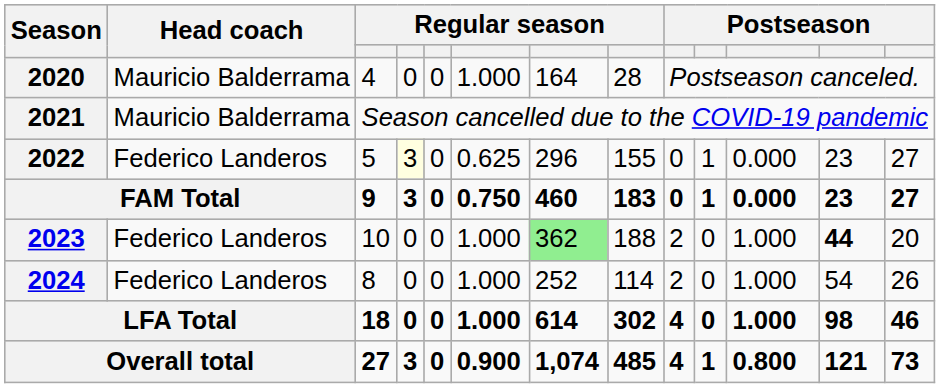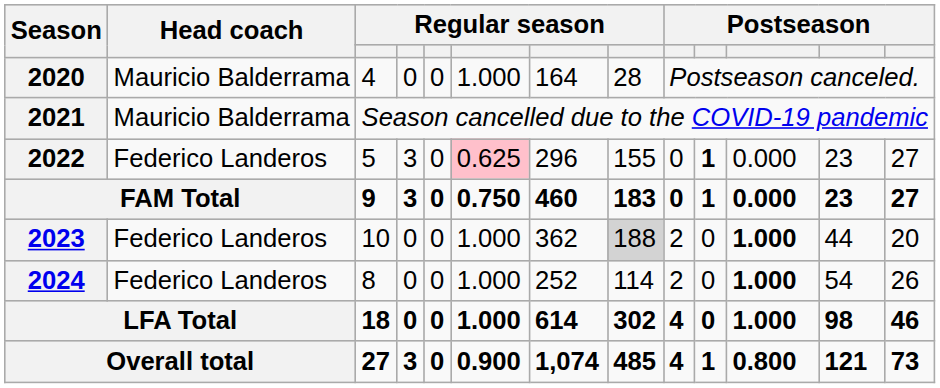 <table class="wikitable" text-align:"center">
 <tr>
 <th rowspan="2">Season</th>
 <th rowspan="2">Head coach</th>
 <th colspan="6">Regular season</th>
 <th colspan="6">Postseason</th>
 </tr>
 <tr>
 <th></th>
 <th></th>
 <th></th>
 <th></th>
 <th></th>
 <th></th>
 <th></th>
 <th></th>
 <th></th>
 <th></th>
 <th></th>
 </tr>
 <tr>
 <th>2020</th>
 <td>Mauricio Balderrama</td>
 <td>4</td>
 <td>0</td>
 <td>0</td>
 <td>1.000</td>
 <td>164</td>
 <td>28</td>
 <td colspan="5"><em>Postseason canceled.</em></td>
 </tr>
 <tr>
 <th>2021</th>
 <td>Mauricio Balderrama</td>
 <td colspan=11><em>Season cancelled due to the <a href='#'>COVID-19 pandemic</a></em></td>
 </tr>
 <tr>
 <th>2022</th>
 <td>Federico Landeros</td>
 <td>5</td>
-<td style="background: lightyellow;">3</td>
+<td>3</td>
 <td>0</td>
-<td>0.625</td>
+<td style="background: pink;">0.625</td>
 <td>296</td>
 <td>155</td>
 <td>0</td>
-<td>1</td>
+<td><strong>1</strong></td>
 <td>0.000</td>
 <td>23</td>
 <td>27</td>
 </tr>
 <tr>
 <th colspan="2">FAM Total</th>
 <td><strong>9</strong></td>
 <td><strong>3</strong></td>
 <td><strong>0</strong></td>
 <td><strong>0.750</strong></td>
 <td><strong>460</strong></td>
 <td><strong>183</strong></td>
 <td><strong>0</strong></td>
 <td><strong>1</strong></td>
 <td><strong>0.000</strong></td>
 <td><strong>23</strong></td>
 <td><strong>27</strong></td>
 </tr>
 <tr>
 <th><a href='#'>2023</a></th>
 <td>Federico Landeros</td>
 <td>10</td>
 <td>0</td>
 <td>0</td>
 <td>1.000</td>
-<td style="background: lightgreen;">362</td>
-<td>188</td>
+<td>362</td>
+<td style="background: lightgrey;">188</td>
 <td>2</td>
 <td>0</td>
-<td>1.000</td>
-<td><strong>44</strong></td>
+<td><strong>1.000</strong></td>
+<td>44</td>
 <td>20</td>
 </tr>
 <tr>
 <th><a href='#'>2024</a></th>
 <td>Federico Landeros</td>
 <td>8</td>
 <td>0</td>
 <td>0</td>
 <td>1.000</td>
 <td>252</td>
 <td>114</td>
 <td>2</td>
 <td>0</td>
-<td>1.000</td>
+<td><strong>1.000</strong></td>
 <td>54</td>
 <td>26</td>
 </tr>
 <tr>
 <th colspan="2">LFA Total</th>
 <td><strong>18</strong></td>
 <td><strong>0</strong></td>
 <td><strong>0</strong></td>
 <td><strong>1.000</strong></td>
 <td><strong>614</strong></td>
 <td><strong>302</strong></td>
 <td><strong>4</strong></td>
 <td><strong>0</strong></td>
 <td><strong>1.000</strong></td>
 <td><strong>98</strong></td>
 <td><strong>46</strong></td>
 </tr>
 <tr>
 <th colspan="2">Overall total</th>
 <td><strong>27</strong></td>
 <td><strong>3</strong></td>
 <td><strong>0</strong></td>
 <td><strong>0.900</strong></td>
 <td><strong>1,074</strong></td>
 <td><strong>485</strong></td>
 <td><strong>4</strong></td>
 <td><strong>1</strong></td>
 <td><strong>0.800</strong></td>
 <td><strong>121</strong></td>
 <td><strong>73</strong></td>
 </tr>
 </table>
